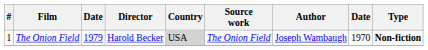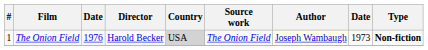 <table class="wikitable">
 <tr>
 <th>#</th>
 <th>Film</th>
 <th>Date</th>
 <th>Director</th>
 <th>Country</th>
 <th>Source<br>work</th>
 <th>Author</th>
 <th>Date</th>
 <th>Type</th>
 </tr>
 <tr>
 <td>1</td>
 <td><em><a href='#'>The Onion Field</a></em></td>
-<td><a href='#'>1979</a></td>
+<td><a href='#'>1976</a></td>
 <td><a href='#'>Harold Becker</a></td>
 <td style="background: lightgrey;">USA</td>
 <td><em><a href='#'>The Onion Field</a></em></td>
-<td><a href='#'>Joseph Wambaugh</a></td>
-<td>1970</td>
+<td style="background: lightyellow;"><a href='#'>Joseph Wambaugh</a></td>
+<td>1973</td>
 <td><strong>Non-fiction</strong></td>
 </tr>
 <tr>
 </tr>
 </table>
